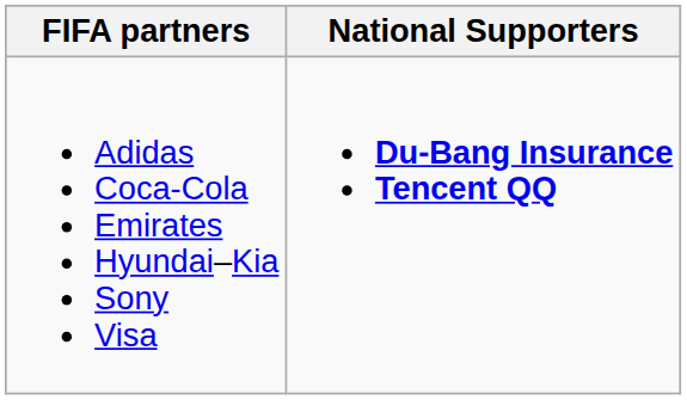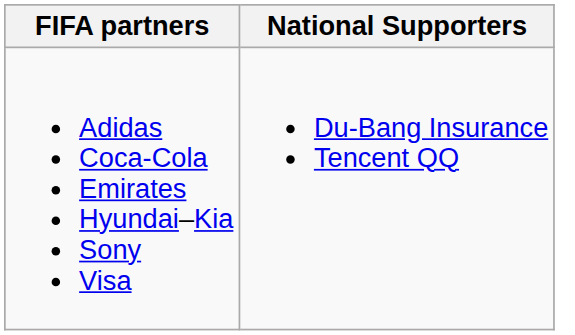 <table class="wikitable sortable">
 <tr>
 <th>FIFA partners</th>
 <th>National Supporters</th>
 </tr>
 <tr>
 <td style="vertical-align:top"><br><ul><li><a href='#'>Adidas</a></li><li><a href='#'>Coca-Cola</a></li><li><a href='#'>Emirates</a></li><li><a href='#'>Hyundai</a>–<a href='#'>Kia</a></li><li><a href='#'>Sony</a></li><li><a href='#'>Visa</a></li></ul></td>
-<td style="vertical-align:top;"><strong><br><ul><li><a href='#'>Du-Bang Insurance</a></li><li><a href='#'>Tencent QQ</a></li></ul></strong></td>
+<td style="vertical-align:top;"><br><ul><li><a href='#'>Du-Bang Insurance</a></li><li><a href='#'>Tencent QQ</a></li></ul></td>
 </tr>
 </table>
